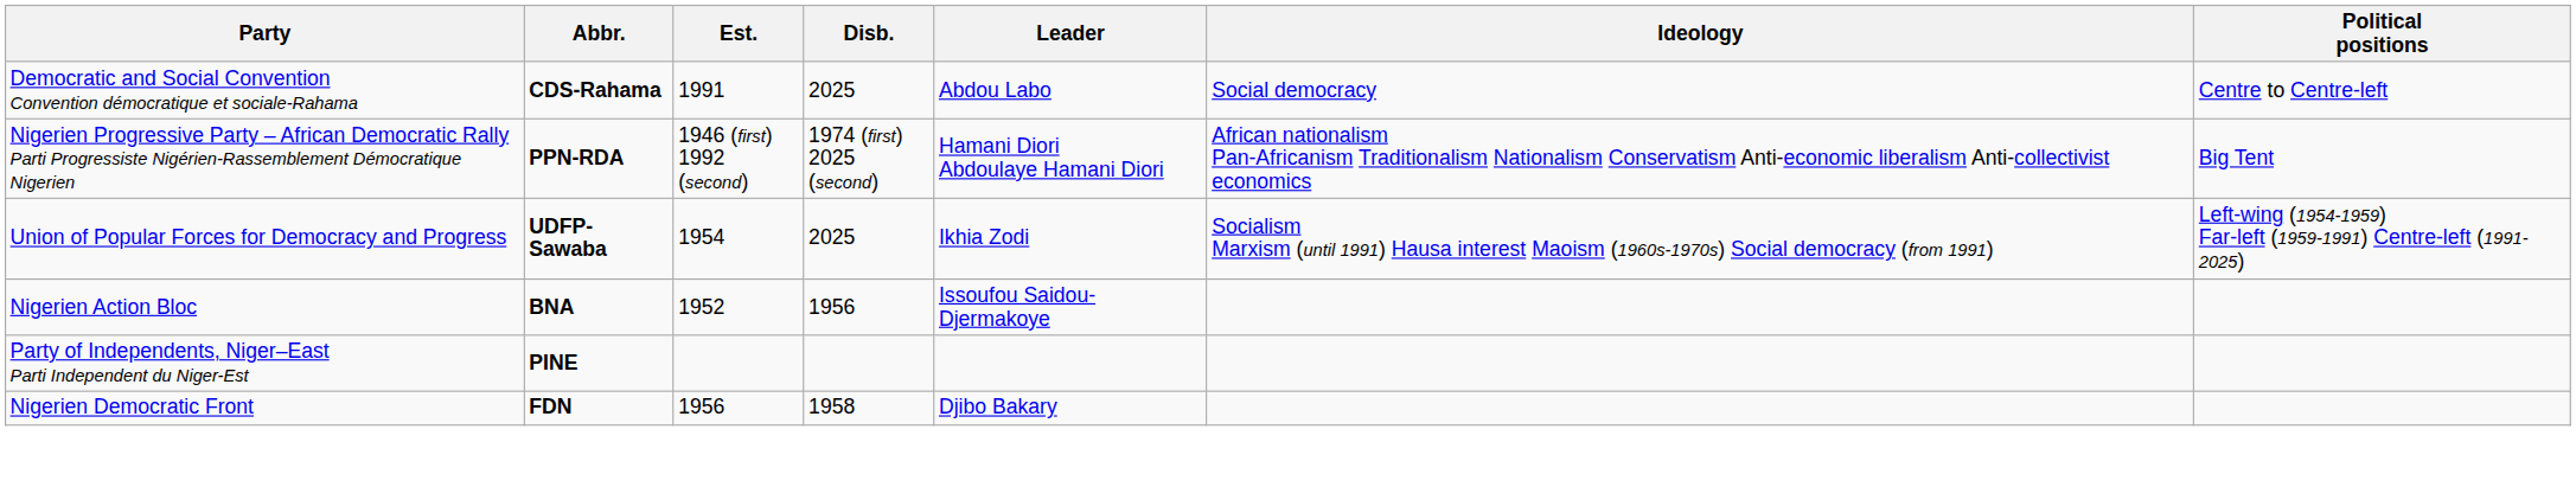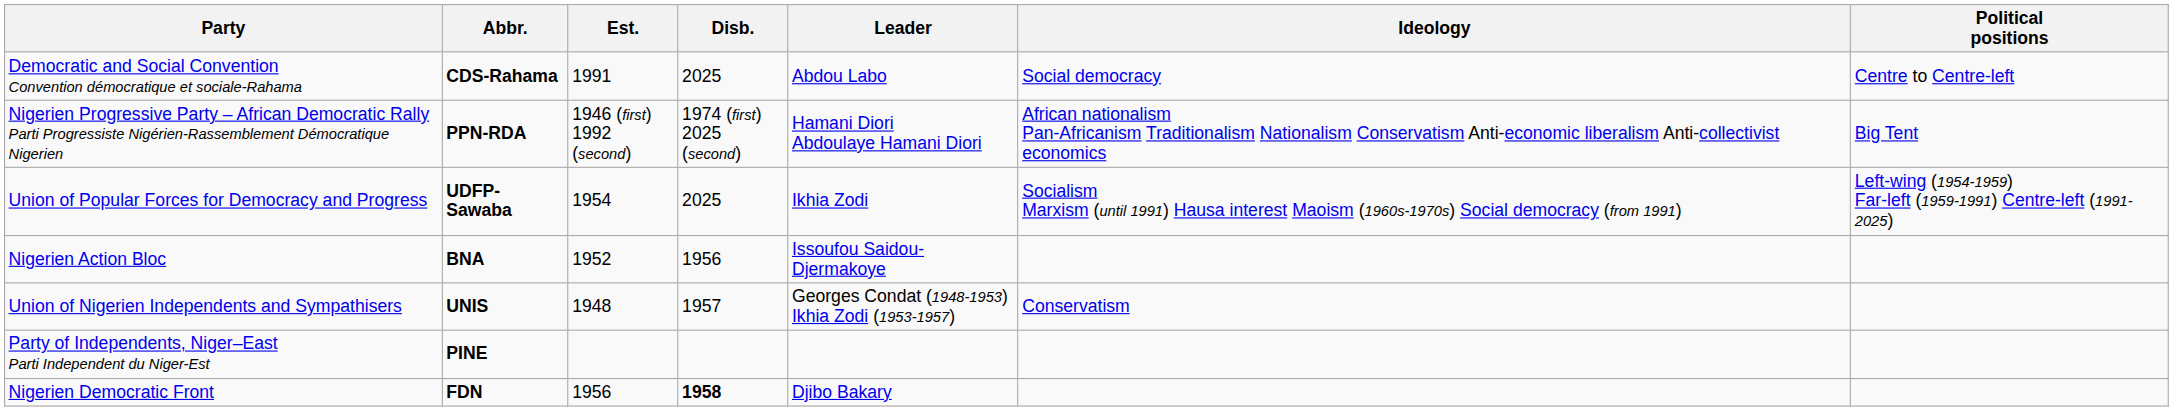 <table class="wikitable">
 <tr>
 <th>Party</th>
 <th>Abbr.</th>
 <th>Est.</th>
 <th>Disb.</th>
 <th>Leader</th>
 <th>Ideology</th>
 <th>Political<br>positions</th>
 </tr>
 <tr>
 <td><a href='#'>Democratic and Social Convention</a><br><em><small>Convention démocratique et sociale-Rahama</small></em></td>
 <td><strong>CDS-Rahama</strong></td>
 <td>1991</td>
 <td>2025</td>
 <td><a href='#'>Abdou Labo</a></td>
 <td><a href='#'>Social democracy</a></td>
 <td><a href='#'>Centre</a> to <a href='#'>Centre-left</a></td>
 </tr>
 <tr>
 <td><a href='#'>Nigerien Progressive Party – African Democratic Rally</a><br><em><small>Parti Progressiste Nigérien-Rassemblement Démocratique Nigerien</small></em></td>
 <td><strong>PPN-RDA</strong></td>
 <td>1946 (<small><em>first</em></small>)<br>1992 (<em><small>second</small></em>)</td>
 <td>1974 (<em><small>first</small></em>)<br>2025 (<em><small>second</small></em>)</td>
 <td><a href='#'>Hamani Diori</a><br><a href='#'>Abdoulaye Hamani Diori</a></td>
 <td><a href='#'>African nationalism</a><br><a href='#'>Pan-Africanism</a> <a href='#'>Traditionalism</a> <a href='#'>Nationalism</a> <a href='#'>Conservatism</a> Anti-<a href='#'>economic liberalism</a> Anti-<a href='#'>collectivist economics</a></td>
 <td><a href='#'>Big Tent</a></td>
 </tr>
 <tr>
 <td><a href='#'>Union of Popular Forces for Democracy and Progress</a></td>
 <td><strong>UDFP-Sawaba</strong></td>
 <td>1954</td>
 <td>2025</td>
 <td><a href='#'>Ikhia Zodi</a></td>
 <td><a href='#'>Socialism</a><br><a href='#'>Marxism</a> (<small><em>until 1991</em></small>) <a href='#'>Hausa interest</a> <a href='#'>Maoism</a> (<em><small>1960s-1970s</small></em>) <a href='#'>Social democracy</a> (<em><small>from 1991</small></em>)</td>
 <td><a href='#'>Left-wing</a> (<em><small>1954-1959</small></em>)<br><a href='#'>Far-left</a> (<em><small>1959-1991</small></em>) <a href='#'>Centre-left</a> (<small><em>1991-2025</em></small>)</td>
 </tr>
 <tr>
 <td><a href='#'>Nigerien Action Bloc</a></td>
 <td><strong>BNA</strong></td>
 <td>1952</td>
 <td>1956</td>
 <td><a href='#'>Issoufou Saidou-Djermakoye</a></td>
 <td></td>
 <td></td>
 </tr>
 <tr>
+<td><a href='#'>Union of Nigerien Independents and Sympathisers</a></td>
+<td><strong>UNIS</strong></td>
+<td>1948</td>
+<td>1957</td>
+<td>Georges Condat (<em><small>1948-1953</small></em>)<br><a href='#'>Ikhia Zodi</a> (<em><small>1953-1957</small></em>)</td>
+<td><a href='#'>Conservatism</a></td>
+<td></td>
+</tr>
+<tr>
 <td><a href='#'>Party of Independents, Niger–East</a><br><em><small>Parti Independent du Niger-Est</small></em></td>
 <td><strong>PINE</strong></td>
 <td></td>
 <td></td>
 <td></td>
 <td></td>
 <td></td>
 </tr>
 <tr>
 <td><a href='#'>Nigerien Democratic Front</a></td>
 <td><strong>FDN</strong></td>
 <td>1956</td>
-<td>1958</td>
+<td><strong>1958</strong></td>
 <td><a href='#'>Djibo Bakary</a></td>
 <td></td>
 <td></td>
 </tr>
 </table>
